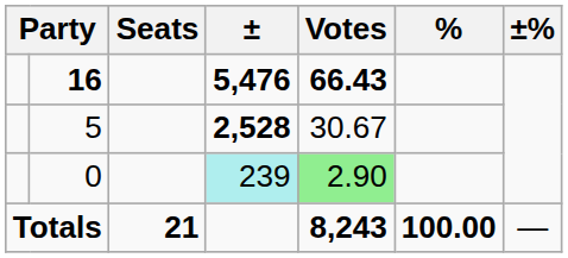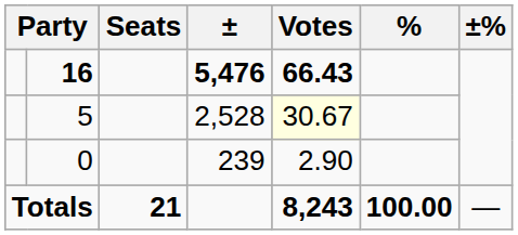 <table class=wikitable>
 <tr>
 <th colspan=2 align=center>Party</th>
 <th valign=top>Seats</th>
 <th valign=top>±</th>
 <th valign=top>Votes</th>
 <th valign=top>%</th>
 <th valign=top>±%</th>
 </tr>
 <tr>
 <td></td>
 <td align=right><strong>16</strong></td>
 <td align=right></td>
 <td align=right><strong>5,476</strong></td>
 <td align=right><strong>66.43</strong></td>
 <td align=right></td>
 </tr>
 <tr>
 <td></td>
 <td align=right>5</td>
 <td align=right></td>
-<td align=right><strong>2,528</strong></td>
-<td align=right>30.67</td>
+<td align=right>2,528</td>
+<td align=right style="background: lightyellow;">30.67</td>
 <td align=right></td>
 </tr>
 <tr>
 <td></td>
 <td align=right>0</td>
 <td align=right></td>
-<td align=right style="background: paleturquoise;">239</td>
-<td align=right style="background: lightgreen;">2.90</td>
+<td align=right>239</td>
+<td align=right>2.90</td>
 <td align=right></td>
 </tr>
 <tr>
 <td colspan=2 align=center><strong>Totals</strong></td>
 <td align=right><strong>21</strong></td>
 <td align=center><strong></strong></td>
 <td align=right><strong>8,243</strong></td>
 <td align=center><strong>100.00</strong></td>
 <td align=center>—</td>
 </tr>
 </table>
